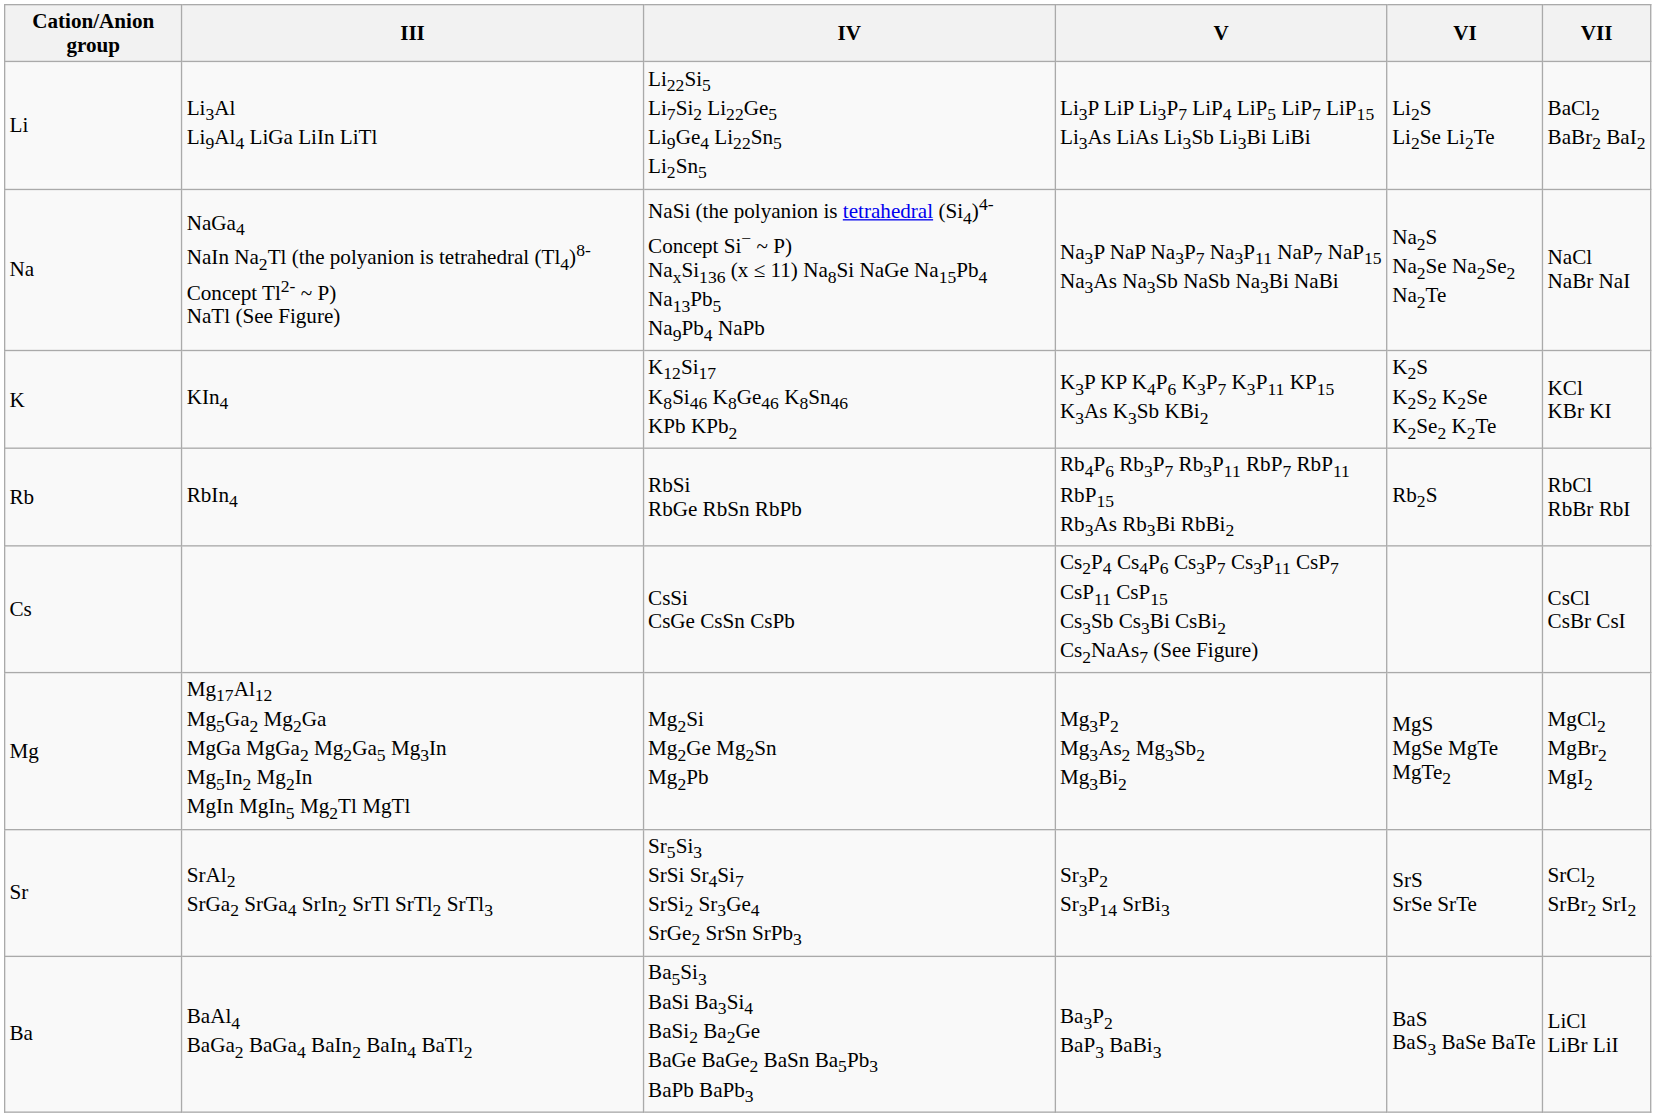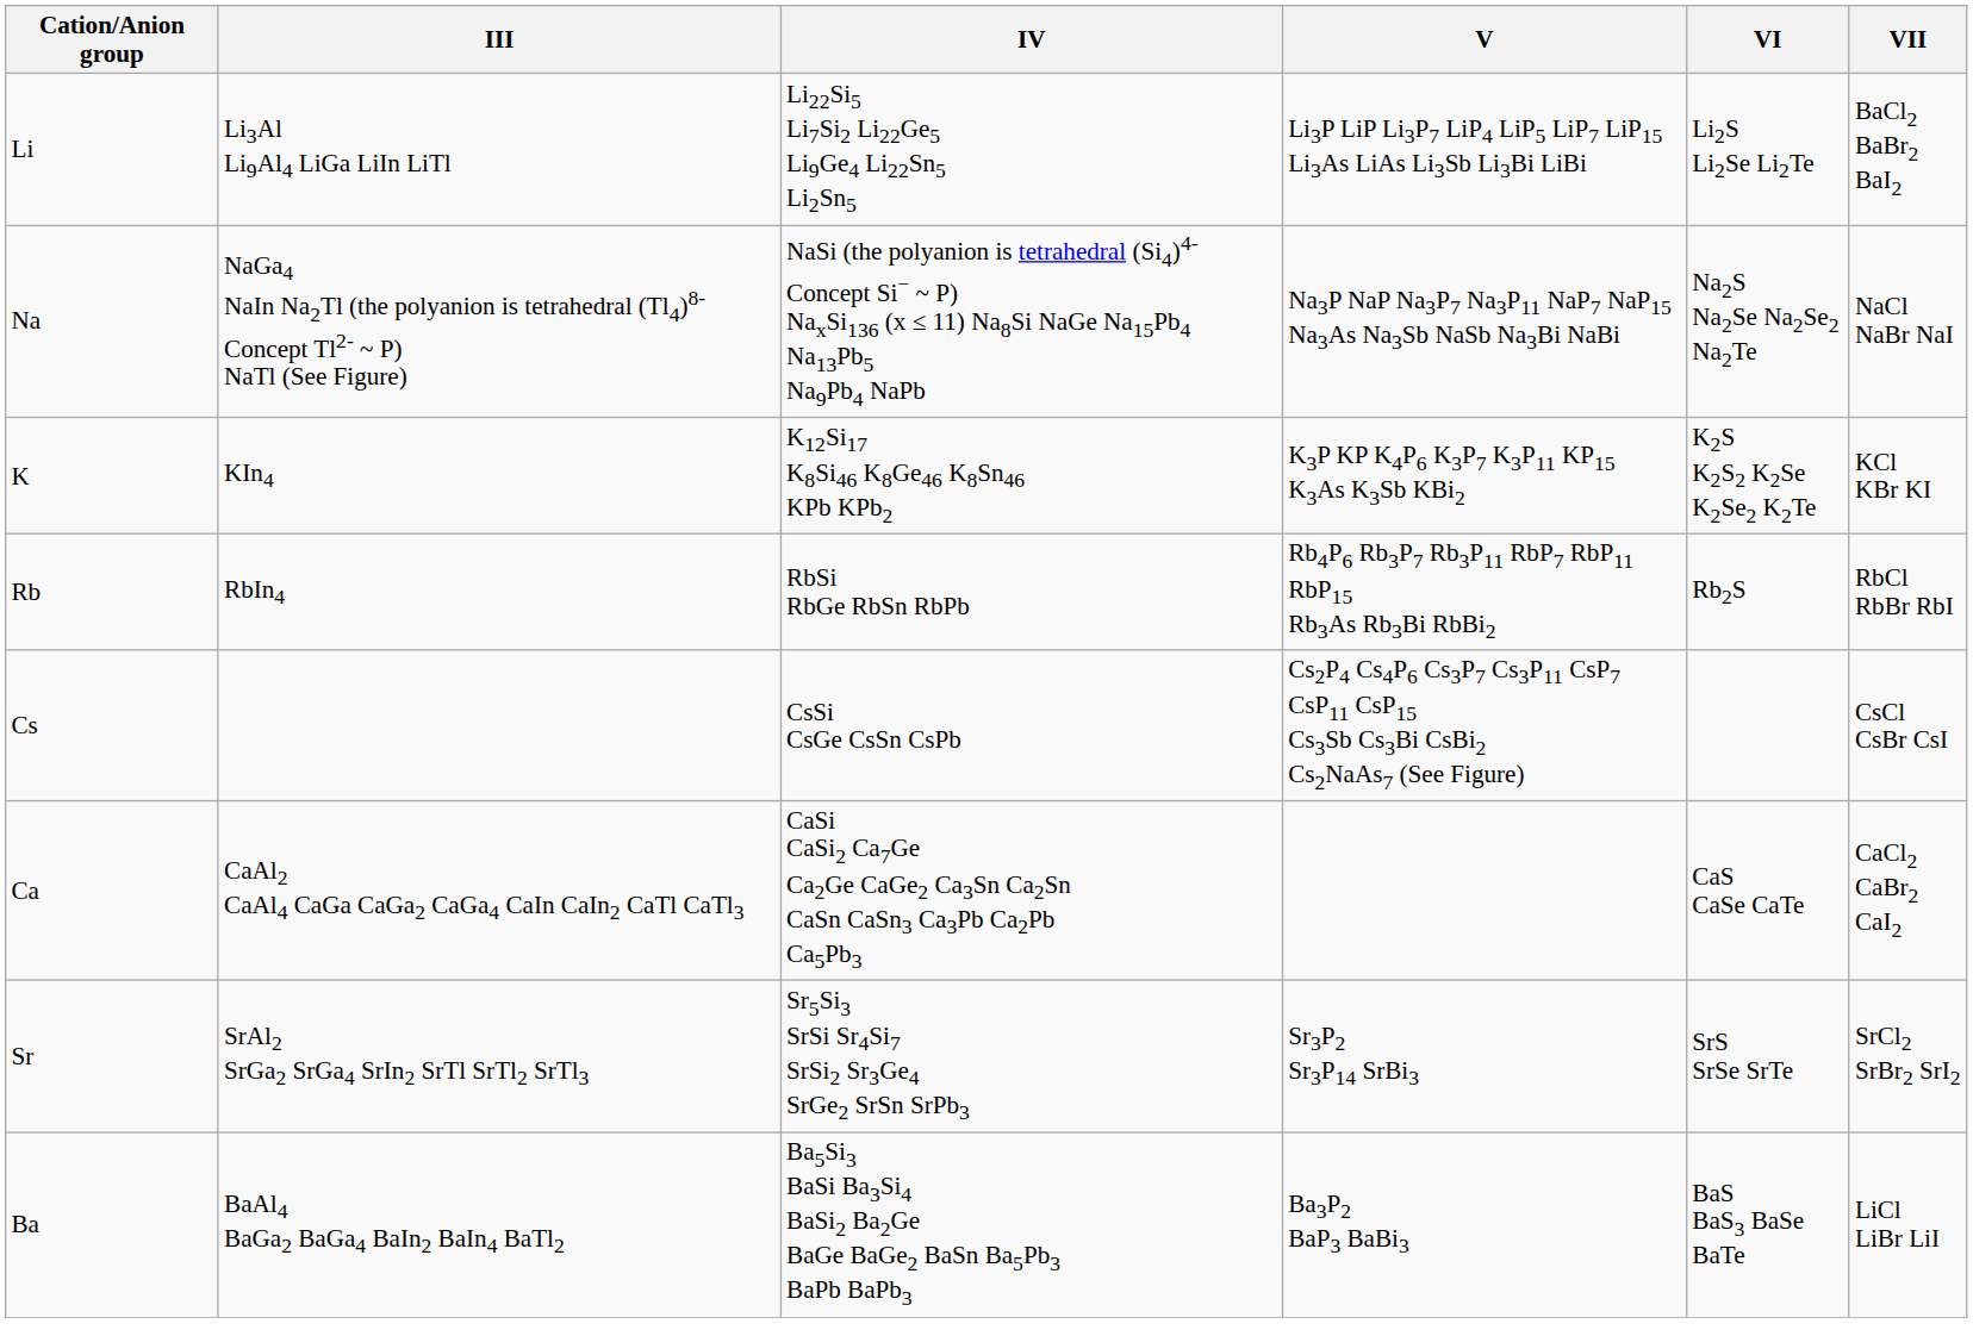 <table class="wikitable">
 <tr>
 <th>Cation/Anion group</th>
 <th>III</th>
 <th>IV</th>
 <th>V</th>
 <th>VI</th>
 <th>VII</th>
 </tr>
 <tr>
 <td>Li</td>
 <td>Li<sub>3</sub>Al<br>Li<sub>9</sub>Al<sub>4</sub> LiGa LiIn LiTl</td>
 <td>Li<sub>22</sub>Si<sub>5</sub><br>Li<sub>7</sub>Si<sub>2</sub> Li<sub>22</sub>Ge<sub>5</sub><br>Li<sub>9</sub>Ge<sub>4</sub> Li<sub>22</sub>Sn<sub>5</sub><br>Li<sub>2</sub>Sn<sub>5</sub></td>
 <td>Li<sub>3</sub>P LiP Li<sub>3</sub>P<sub>7</sub> LiP<sub>4</sub> LiP<sub>5</sub> LiP<sub>7</sub> LiP<sub>15</sub><br>Li<sub>3</sub>As LiAs Li<sub>3</sub>Sb Li<sub>3</sub>Bi LiBi</td>
 <td>Li<sub>2</sub>S<br>Li<sub>2</sub>Se Li<sub>2</sub>Te</td>
 <td>BaCl<sub>2</sub><br>BaBr<sub>2</sub> BaI<sub>2</sub></td>
 </tr>
 <tr>
 <td>Na</td>
 <td>NaGa<sub>4</sub><br>NaIn Na<sub>2</sub>Tl (the polyanion is tetrahedral (Tl<sub>4</sub>)<sup>8-</sup> Concept Tl<sup>2-</sup> ~ P)<br>NaTl (See Figure)</td>
 <td>NaSi (the polyanion is <a href='#'>tetrahedral</a> (Si<sub>4</sub>)<sup>4-</sup> Concept Si<sup>−</sup> ~ P)<br>Na<sub>x</sub>Si<sub>136</sub> (x ≤ 11) Na<sub>8</sub>Si NaGe Na<sub>15</sub>Pb<sub>4</sub> Na<sub>13</sub>Pb<sub>5</sub><br>Na<sub>9</sub>Pb<sub>4</sub> NaPb</td>
 <td>Na<sub>3</sub>P NaP Na<sub>3</sub>P<sub>7</sub> Na<sub>3</sub>P<sub>11</sub> NaP<sub>7</sub> NaP<sub>15</sub><br>Na<sub>3</sub>As Na<sub>3</sub>Sb NaSb Na<sub>3</sub>Bi NaBi</td>
 <td>Na<sub>2</sub>S<br>Na<sub>2</sub>Se Na<sub>2</sub>Se<sub>2</sub><br>Na<sub>2</sub>Te</td>
 <td>NaCl<br>NaBr NaI</td>
 </tr>
 <tr>
 <td>K</td>
 <td>KIn<sub>4</sub></td>
 <td>K<sub>12</sub>Si<sub>17</sub><br>K<sub>8</sub>Si<sub>46</sub> K<sub>8</sub>Ge<sub>46</sub> K<sub>8</sub>Sn<sub>46</sub><br>KPb KPb<sub>2</sub></td>
 <td>K<sub>3</sub>P KP K<sub>4</sub>P<sub>6</sub> K<sub>3</sub>P<sub>7</sub> K<sub>3</sub>P<sub>11</sub> KP<sub>15</sub><br>K<sub>3</sub>As K<sub>3</sub>Sb KBi<sub>2</sub></td>
 <td>K<sub>2</sub>S<br>K<sub>2</sub>S<sub>2</sub> K<sub>2</sub>Se<br>K<sub>2</sub>Se<sub>2</sub> K<sub>2</sub>Te</td>
 <td>KCl<br>KBr KI</td>
 </tr>
 <tr>
 <td>Rb</td>
 <td>RbIn<sub>4</sub></td>
 <td>RbSi<br>RbGe RbSn RbPb</td>
 <td>Rb<sub>4</sub>P<sub>6</sub> Rb<sub>3</sub>P<sub>7</sub> Rb<sub>3</sub>P<sub>11</sub> RbP<sub>7</sub> RbP<sub>11</sub> RbP<sub>15</sub><br>Rb<sub>3</sub>As Rb<sub>3</sub>Bi RbBi<sub>2</sub></td>
 <td>Rb<sub>2</sub>S</td>
 <td>RbCl<br>RbBr RbI</td>
 </tr>
 <tr>
 <td>Cs</td>
 <td></td>
 <td>CsSi<br>CsGe CsSn CsPb</td>
 <td>Cs<sub>2</sub>P<sub>4</sub> Cs<sub>4</sub>P<sub>6</sub> Cs<sub>3</sub>P<sub>7</sub> Cs<sub>3</sub>P<sub>11</sub> CsP<sub>7</sub> CsP<sub>11</sub> CsP<sub>15</sub><br>Cs<sub>3</sub>Sb Cs<sub>3</sub>Bi CsBi<sub>2</sub><br>Cs<sub>2</sub>NaAs<sub>7</sub> (See Figure)</td>
 <td></td>
 <td>CsCl<br>CsBr CsI</td>
 </tr>
 <tr>
-<td>Mg</td>
-<td>Mg<sub>17</sub>Al<sub>12</sub><br>Mg<sub>5</sub>Ga<sub>2</sub> Mg<sub>2</sub>Ga<br>MgGa MgGa<sub>2</sub> Mg<sub>2</sub>Ga<sub>5</sub> Mg<sub>3</sub>In<br>Mg<sub>5</sub>In<sub>2</sub> Mg<sub>2</sub>In<br>MgIn MgIn<sub>5</sub> Mg<sub>2</sub>Tl MgTl</td>
-<td>Mg<sub>2</sub>Si<br>Mg<sub>2</sub>Ge Mg<sub>2</sub>Sn<br>Mg<sub>2</sub>Pb</td>
-<td>Mg<sub>3</sub>P<sub>2</sub><br>Mg<sub>3</sub>As<sub>2</sub> Mg<sub>3</sub>Sb<sub>2</sub><br>Mg<sub>3</sub>Bi<sub>2</sub></td>
-<td>MgS<br>MgSe MgTe MgTe<sub>2</sub></td>
-<td>MgCl<sub>2</sub><br>MgBr<sub>2</sub> MgI<sub>2</sub></td>
+<td>Ca</td>
+<td>CaAl<sub>2</sub><br>CaAl<sub>4</sub> CaGa CaGa<sub>2</sub> CaGa<sub>4</sub> CaIn CaIn<sub>2</sub> CaTl CaTl<sub>3</sub></td>
+<td>CaSi<br>CaSi<sub>2</sub> Ca<sub>7</sub>Ge<br>Ca<sub>2</sub>Ge CaGe<sub>2</sub> Ca<sub>3</sub>Sn Ca<sub>2</sub>Sn<br>CaSn CaSn<sub>3</sub> Ca<sub>3</sub>Pb Ca<sub>2</sub>Pb<br>Ca<sub>5</sub>Pb<sub>3</sub></td>
+<td></td>
+<td>CaS<br>CaSe CaTe</td>
+<td>CaCl<sub>2</sub><br>CaBr<sub>2</sub> CaI<sub>2</sub></td>
 </tr>
 <tr>
 <td>Sr</td>
 <td>SrAl<sub>2</sub><br>SrGa<sub>2</sub> SrGa<sub>4</sub> SrIn<sub>2</sub> SrTl SrTl<sub>2</sub> SrTl<sub>3</sub></td>
 <td>Sr<sub>5</sub>Si<sub>3</sub><br>SrSi Sr<sub>4</sub>Si<sub>7</sub><br>SrSi<sub>2</sub> Sr<sub>3</sub>Ge<sub>4</sub><br>SrGe<sub>2</sub> SrSn SrPb<sub>3</sub></td>
 <td>Sr<sub>3</sub>P<sub>2</sub><br>Sr<sub>3</sub>P<sub>14</sub> SrBi<sub>3</sub></td>
 <td>SrS<br>SrSe SrTe</td>
 <td>SrCl<sub>2</sub><br>SrBr<sub>2</sub> SrI<sub>2</sub></td>
 </tr>
 <tr>
 <td>Ba</td>
 <td>BaAl<sub>4</sub><br>BaGa<sub>2</sub> BaGa<sub>4</sub> BaIn<sub>2</sub> BaIn<sub>4</sub> BaTl<sub>2</sub></td>
 <td>Ba<sub>5</sub>Si<sub>3</sub><br>BaSi Ba<sub>3</sub>Si<sub>4</sub><br>BaSi<sub>2</sub> Ba<sub>2</sub>Ge<br>BaGe BaGe<sub>2</sub> BaSn Ba<sub>5</sub>Pb<sub>3</sub><br>BaPb BaPb<sub>3</sub></td>
 <td>Ba<sub>3</sub>P<sub>2</sub><br>BaP<sub>3</sub> BaBi<sub>3</sub></td>
 <td>BaS<br>BaS<sub>3</sub> BaSe BaTe</td>
 <td>LiCl<br>LiBr LiI</td>
 </tr>
 </table>
